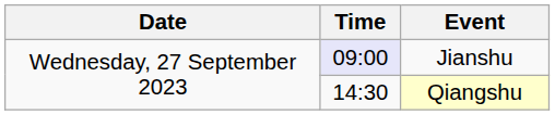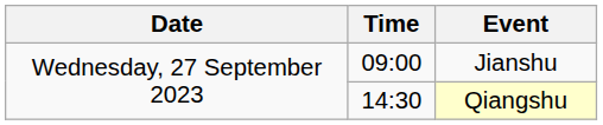 <table class=wikitable style="text-align:center;">
 <tr>
 <th width=220>Date</th>
 <th width=50>Time</th>
 <th width=100>Event</th>
 </tr>
 <tr>
 <td rowspan=2>Wednesday, 27 September 2023</td>
-<td style="background: lavender;">09:00</td>
+<td>09:00</td>
 <td>Jianshu</td>
 </tr>
 <tr>
 <td>14:30</td>
 <td bgcolor="ffffcc">Qiangshu</td>
 </tr>
 </table>
